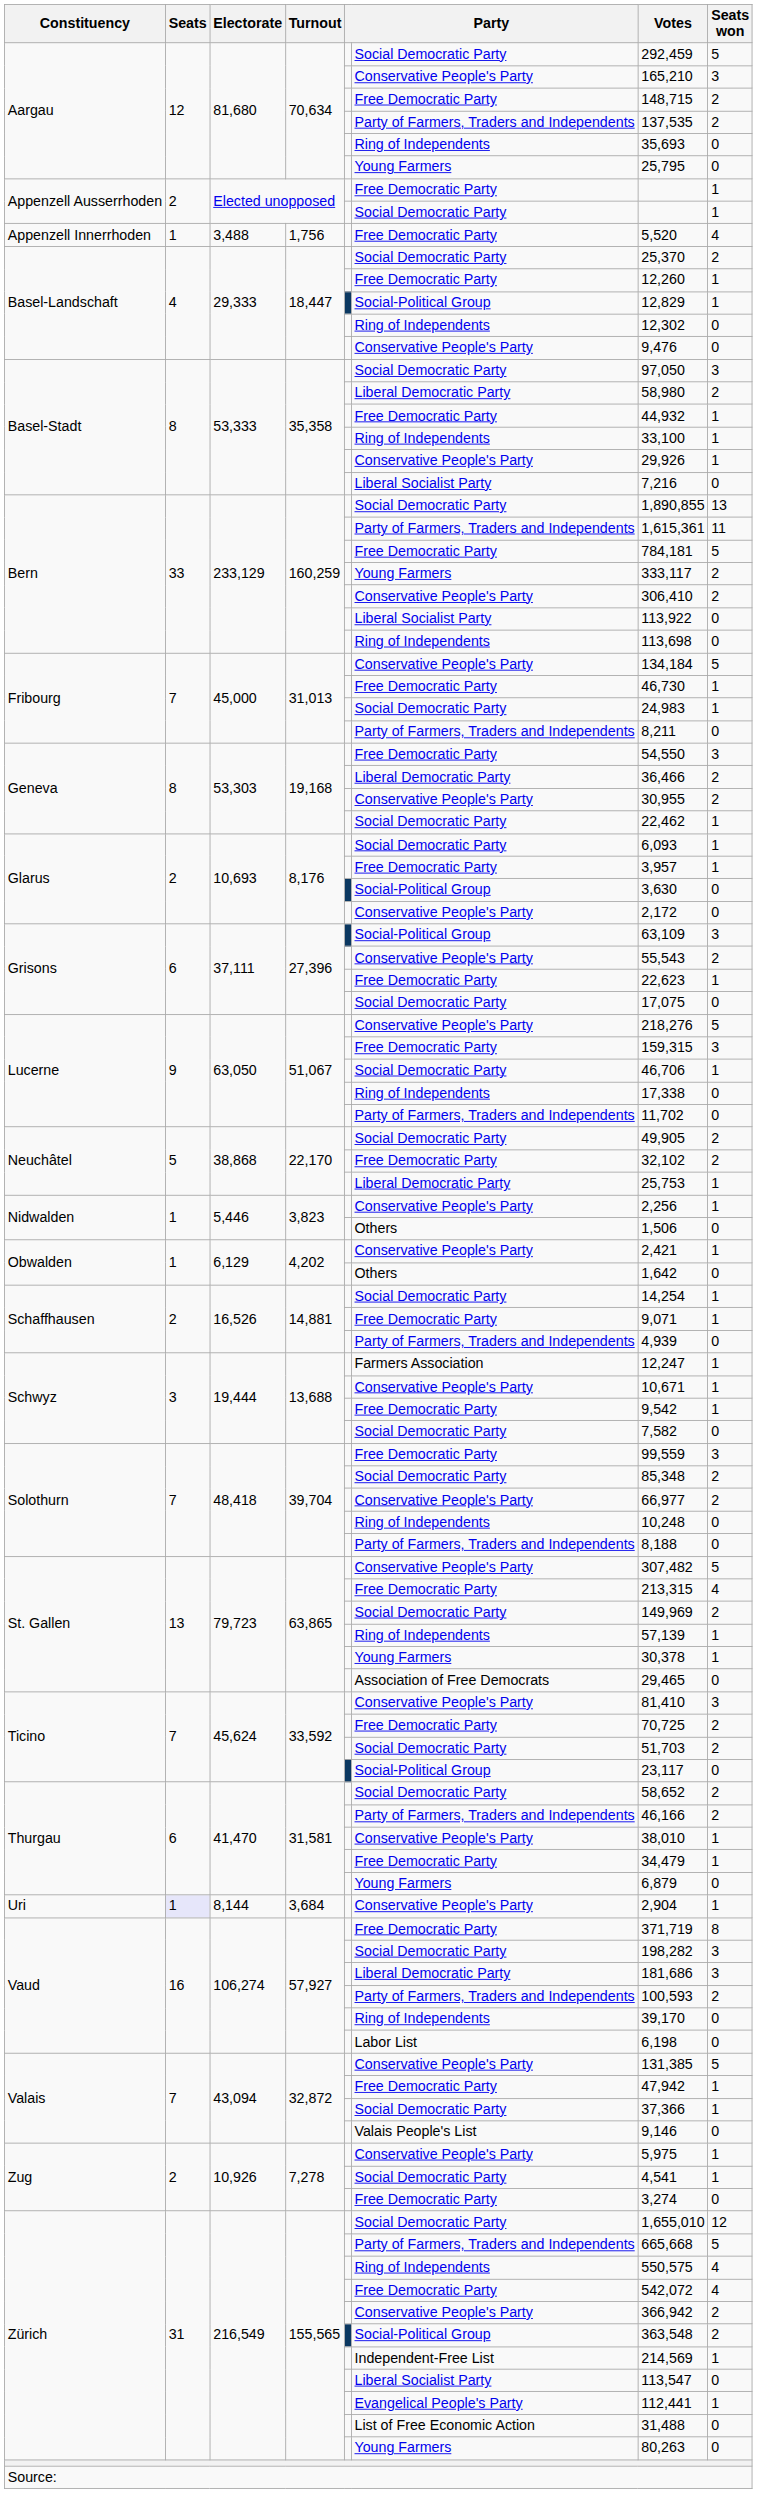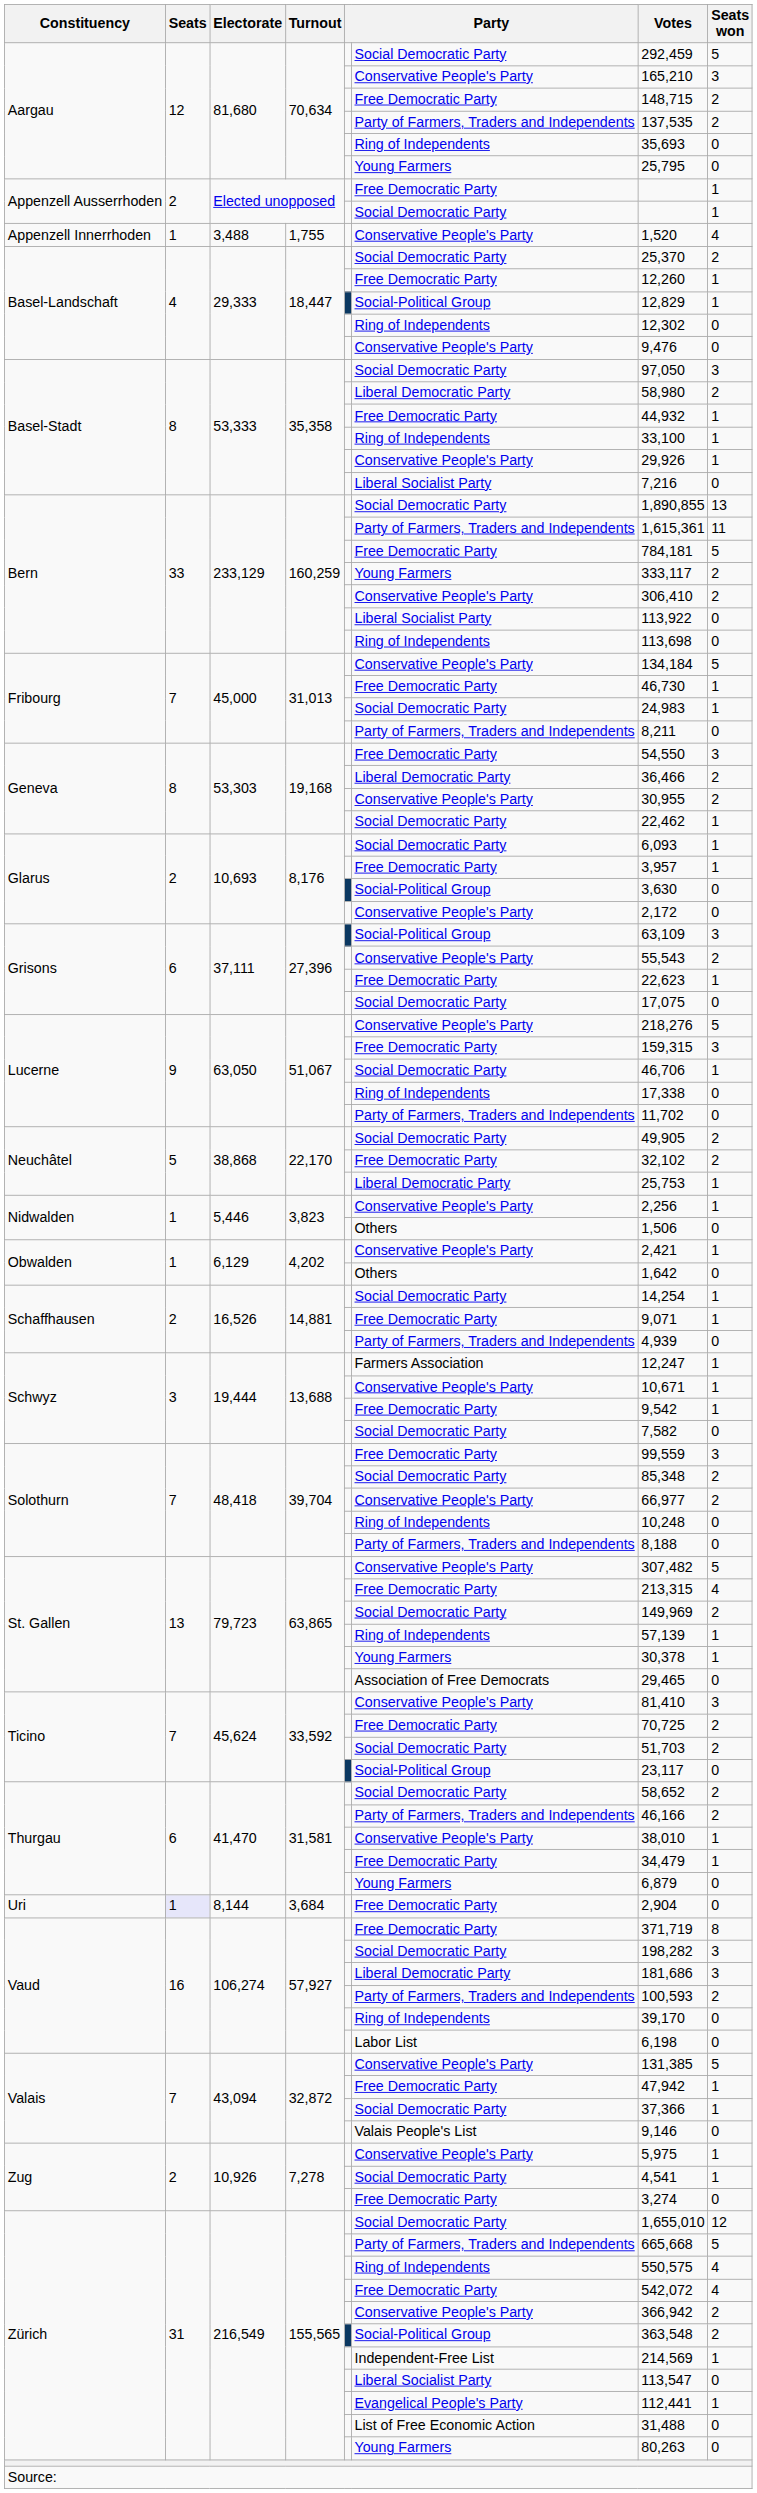 <table class="wikitable">
 <tr>
 <th>Constituency</th>
 <th>Seats</th>
 <th>Electorate</th>
 <th>Turnout</th>
 <th colspan="2">Party</th>
 <th>Votes</th>
 <th>Seats<br>won</th>
 </tr>
 <tr>
 <td rowspan="6">Aargau</td>
 <td rowspan="6">12</td>
 <td rowspan="6">81,680</td>
 <td rowspan="6">70,634</td>
 <td style="color:inherit;background:"></td>
 <td><a href='#'>Social Democratic Party</a></td>
 <td>292,459</td>
 <td>5</td>
 </tr>
 <tr>
 <td style="color:inherit;background:"></td>
 <td><a href='#'>Conservative People's Party</a></td>
 <td>165,210</td>
 <td>3</td>
 </tr>
 <tr>
 <td style="color:inherit;background:"></td>
 <td><a href='#'>Free Democratic Party</a></td>
 <td>148,715</td>
 <td>2</td>
 </tr>
 <tr>
 <td style="color:inherit;background:"></td>
 <td><a href='#'>Party of Farmers, Traders and Independents</a></td>
 <td>137,535</td>
 <td>2</td>
 </tr>
 <tr>
 <td style="color:inherit;background:"></td>
 <td><a href='#'>Ring of Independents</a></td>
 <td>35,693</td>
 <td>0</td>
 </tr>
 <tr>
 <td style="color:inherit;background:"></td>
 <td><a href='#'>Young Farmers</a></td>
 <td>25,795</td>
 <td>0</td>
 </tr>
 <tr>
 <td rowspan="2">Appenzell Ausserrhoden</td>
 <td rowspan="2">2</td>
 <td rowspan="2" colspan=2><a href='#'>Elected unopposed</a></td>
 <td style="color:inherit;background:"></td>
 <td><a href='#'>Free Democratic Party</a></td>
 <td></td>
 <td>1</td>
 </tr>
 <tr>
 <td style="color:inherit;background:"></td>
 <td><a href='#'>Social Democratic Party</a></td>
 <td></td>
 <td>1</td>
 </tr>
 <tr>
 <td>Appenzell Innerrhoden</td>
 <td>1</td>
 <td>3,488</td>
-<td>1,756</td>
+<td>1,755</td>
 <td style="color:inherit;background:"></td>
-<td><a href='#'>Free Democratic Party</a></td>
-<td>5,520</td>
+<td><a href='#'>Conservative People's Party</a></td>
+<td>1,520</td>
 <td>4</td>
 </tr>
 <tr>
 <td rowspan="5">Basel-Landschaft</td>
 <td rowspan="5">4</td>
 <td rowspan="5">29,333</td>
 <td rowspan="5">18,447</td>
 <td style="color:inherit;background:"></td>
 <td><a href='#'>Social Democratic Party</a></td>
 <td>25,370</td>
 <td>2</td>
 </tr>
 <tr>
 <td style="color:inherit;background:"></td>
 <td><a href='#'>Free Democratic Party</a></td>
 <td>12,260</td>
 <td>1</td>
 </tr>
 <tr>
 <td style="color:inherit;background:#0B3861"></td>
 <td><a href='#'>Social-Political Group</a></td>
 <td>12,829</td>
 <td>1</td>
 </tr>
 <tr>
 <td style="color:inherit;background:"></td>
 <td><a href='#'>Ring of Independents</a></td>
 <td>12,302</td>
 <td>0</td>
 </tr>
 <tr>
 <td style="color:inherit;background:"></td>
 <td><a href='#'>Conservative People's Party</a></td>
 <td>9,476</td>
 <td>0</td>
 </tr>
 <tr>
 <td rowspan="6">Basel-Stadt</td>
 <td rowspan="6">8</td>
 <td rowspan="6">53,333</td>
 <td rowspan="6">35,358</td>
 <td style="color:inherit;background:"></td>
 <td><a href='#'>Social Democratic Party</a></td>
 <td>97,050</td>
 <td>3</td>
 </tr>
 <tr>
 <td style="color:inherit;background:"></td>
 <td><a href='#'>Liberal Democratic Party</a></td>
 <td>58,980</td>
 <td>2</td>
 </tr>
 <tr>
 <td style="color:inherit;background:"></td>
 <td><a href='#'>Free Democratic Party</a></td>
 <td>44,932</td>
 <td>1</td>
 </tr>
 <tr>
 <td style="color:inherit;background:"></td>
 <td><a href='#'>Ring of Independents</a></td>
 <td>33,100</td>
 <td>1</td>
 </tr>
 <tr>
 <td style="color:inherit;background:"></td>
 <td><a href='#'>Conservative People's Party</a></td>
 <td>29,926</td>
 <td>1</td>
 </tr>
 <tr>
 <td style="color:inherit;background:"></td>
 <td><a href='#'>Liberal Socialist Party</a></td>
 <td>7,216</td>
 <td>0</td>
 </tr>
 <tr>
 <td rowspan="7">Bern</td>
 <td rowspan="7">33</td>
 <td rowspan="7">233,129</td>
 <td rowspan="7">160,259</td>
 <td style="color:inherit;background:"></td>
 <td><a href='#'>Social Democratic Party</a></td>
 <td>1,890,855</td>
 <td>13</td>
 </tr>
 <tr>
 <td style="color:inherit;background:"></td>
 <td><a href='#'>Party of Farmers, Traders and Independents</a></td>
 <td>1,615,361</td>
 <td>11</td>
 </tr>
 <tr>
 <td style="color:inherit;background:"></td>
 <td><a href='#'>Free Democratic Party</a></td>
 <td>784,181</td>
 <td>5</td>
 </tr>
 <tr>
 <td style="color:inherit;background:"></td>
 <td><a href='#'>Young Farmers</a></td>
 <td>333,117</td>
 <td>2</td>
 </tr>
 <tr>
 <td style="color:inherit;background:"></td>
 <td><a href='#'>Conservative People's Party</a></td>
 <td>306,410</td>
 <td>2</td>
 </tr>
 <tr>
 <td style="color:inherit;background:"></td>
 <td><a href='#'>Liberal Socialist Party</a></td>
 <td>113,922</td>
 <td>0</td>
 </tr>
 <tr>
 <td style="color:inherit;background:"></td>
 <td><a href='#'>Ring of Independents</a></td>
 <td>113,698</td>
 <td>0</td>
 </tr>
 <tr>
 <td rowspan="4">Fribourg</td>
 <td rowspan="4">7</td>
 <td rowspan="4">45,000</td>
 <td rowspan="4">31,013</td>
 <td style="color:inherit;background:"></td>
 <td><a href='#'>Conservative People's Party</a></td>
 <td>134,184</td>
 <td>5</td>
 </tr>
 <tr>
 <td style="color:inherit;background:"></td>
 <td><a href='#'>Free Democratic Party</a></td>
 <td>46,730</td>
 <td>1</td>
 </tr>
 <tr>
 <td style="color:inherit;background:"></td>
 <td><a href='#'>Social Democratic Party</a></td>
 <td>24,983</td>
 <td>1</td>
 </tr>
 <tr>
 <td style="color:inherit;background:"></td>
 <td><a href='#'>Party of Farmers, Traders and Independents</a></td>
 <td>8,211</td>
 <td>0</td>
 </tr>
 <tr>
 <td rowspan="4">Geneva</td>
 <td rowspan="4">8</td>
 <td rowspan="4">53,303</td>
 <td rowspan="4">19,168</td>
 <td style="color:inherit;background:"></td>
 <td><a href='#'>Free Democratic Party</a></td>
 <td>54,550</td>
 <td>3</td>
 </tr>
 <tr>
 <td style="color:inherit;background:"></td>
 <td><a href='#'>Liberal Democratic Party</a></td>
 <td>36,466</td>
 <td>2</td>
 </tr>
 <tr>
 <td style="color:inherit;background:"></td>
 <td><a href='#'>Conservative People's Party</a></td>
 <td>30,955</td>
 <td>2</td>
 </tr>
 <tr>
 <td style="color:inherit;background:"></td>
 <td><a href='#'>Social Democratic Party</a></td>
 <td>22,462</td>
 <td>1</td>
 </tr>
 <tr>
 <td rowspan="4">Glarus</td>
 <td rowspan="4">2</td>
 <td rowspan="4">10,693</td>
 <td rowspan="4">8,176</td>
 <td style="color:inherit;background:"></td>
 <td><a href='#'>Social Democratic Party</a></td>
 <td>6,093</td>
 <td>1</td>
 </tr>
 <tr>
 <td style="color:inherit;background:"></td>
 <td><a href='#'>Free Democratic Party</a></td>
 <td>3,957</td>
 <td>1</td>
 </tr>
 <tr>
 <td style="color:inherit;background:#0B3861"></td>
 <td><a href='#'>Social-Political Group</a></td>
 <td>3,630</td>
 <td>0</td>
 </tr>
 <tr>
 <td style="color:inherit;background:"></td>
 <td><a href='#'>Conservative People's Party</a></td>
 <td>2,172</td>
 <td>0</td>
 </tr>
 <tr>
 <td rowspan="4">Grisons</td>
 <td rowspan="4">6</td>
 <td rowspan="4">37,111</td>
 <td rowspan="4">27,396</td>
 <td style="color:inherit;background:#0B3861"></td>
 <td><a href='#'>Social-Political Group</a></td>
 <td>63,109</td>
 <td>3</td>
 </tr>
 <tr>
 <td style="color:inherit;background:"></td>
 <td><a href='#'>Conservative People's Party</a></td>
 <td>55,543</td>
 <td>2</td>
 </tr>
 <tr>
 <td style="color:inherit;background:"></td>
 <td><a href='#'>Free Democratic Party</a></td>
 <td>22,623</td>
 <td>1</td>
 </tr>
 <tr>
 <td style="color:inherit;background:"></td>
 <td><a href='#'>Social Democratic Party</a></td>
 <td>17,075</td>
 <td>0</td>
 </tr>
 <tr>
 <td rowspan="5">Lucerne</td>
 <td rowspan="5">9</td>
 <td rowspan="5">63,050</td>
 <td rowspan="5">51,067</td>
 <td style="color:inherit;background:"></td>
 <td><a href='#'>Conservative People's Party</a></td>
 <td>218,276</td>
 <td>5</td>
 </tr>
 <tr>
 <td style="color:inherit;background:"></td>
 <td><a href='#'>Free Democratic Party</a></td>
 <td>159,315</td>
 <td>3</td>
 </tr>
 <tr>
 <td style="color:inherit;background:"></td>
 <td><a href='#'>Social Democratic Party</a></td>
 <td>46,706</td>
 <td>1</td>
 </tr>
 <tr>
 <td style="color:inherit;background:"></td>
 <td><a href='#'>Ring of Independents</a></td>
 <td>17,338</td>
 <td>0</td>
 </tr>
 <tr>
 <td style="color:inherit;background:"></td>
 <td><a href='#'>Party of Farmers, Traders and Independents</a></td>
 <td>11,702</td>
 <td>0</td>
 </tr>
 <tr>
 <td rowspan="3">Neuchâtel</td>
 <td rowspan="3">5</td>
 <td rowspan="3">38,868</td>
 <td rowspan="3">22,170</td>
 <td style="color:inherit;background:"></td>
 <td><a href='#'>Social Democratic Party</a></td>
 <td>49,905</td>
 <td>2</td>
 </tr>
 <tr>
 <td style="color:inherit;background:"></td>
 <td><a href='#'>Free Democratic Party</a></td>
 <td>32,102</td>
 <td>2</td>
 </tr>
 <tr>
 <td style="color:inherit;background:"></td>
 <td><a href='#'>Liberal Democratic Party</a></td>
 <td>25,753</td>
 <td>1</td>
 </tr>
 <tr>
 <td rowspan="2">Nidwalden</td>
 <td rowspan="2">1</td>
 <td rowspan="2">5,446</td>
 <td rowspan="2">3,823</td>
 <td style="color:inherit;background:"></td>
 <td><a href='#'>Conservative People's Party</a></td>
 <td>2,256</td>
 <td>1</td>
 </tr>
 <tr>
 <td style="color:inherit;background:"></td>
 <td>Others</td>
 <td>1,506</td>
 <td>0</td>
 </tr>
 <tr>
 <td rowspan="2">Obwalden</td>
 <td rowspan="2">1</td>
 <td rowspan="2">6,129</td>
 <td rowspan="2">4,202</td>
 <td style="color:inherit;background:"></td>
 <td><a href='#'>Conservative People's Party</a></td>
 <td>2,421</td>
 <td>1</td>
 </tr>
 <tr>
 <td style="color:inherit;background:"></td>
 <td>Others</td>
 <td>1,642</td>
 <td>0</td>
 </tr>
 <tr>
 <td rowspan="3">Schaffhausen</td>
 <td rowspan="3">2</td>
 <td rowspan="3">16,526</td>
 <td rowspan="3">14,881</td>
 <td style="color:inherit;background:"></td>
 <td><a href='#'>Social Democratic Party</a></td>
 <td>14,254</td>
 <td>1</td>
 </tr>
 <tr>
 <td style="color:inherit;background:"></td>
 <td><a href='#'>Free Democratic Party</a></td>
 <td>9,071</td>
 <td>1</td>
 </tr>
 <tr>
 <td style="color:inherit;background:"></td>
 <td><a href='#'>Party of Farmers, Traders and Independents</a></td>
 <td>4,939</td>
 <td>0</td>
 </tr>
 <tr>
 <td rowspan="4">Schwyz</td>
 <td rowspan="4">3</td>
 <td rowspan="4">19,444</td>
 <td rowspan="4">13,688</td>
 <td style="color:inherit;background:"></td>
 <td>Farmers Association</td>
 <td>12,247</td>
 <td>1</td>
 </tr>
 <tr>
 <td style="color:inherit;background:"></td>
 <td><a href='#'>Conservative People's Party</a></td>
 <td>10,671</td>
 <td>1</td>
 </tr>
 <tr>
 <td style="color:inherit;background:"></td>
 <td><a href='#'>Free Democratic Party</a></td>
 <td>9,542</td>
 <td>1</td>
 </tr>
 <tr>
 <td style="color:inherit;background:"></td>
 <td><a href='#'>Social Democratic Party</a></td>
 <td>7,582</td>
 <td>0</td>
 </tr>
 <tr>
 <td rowspan="5">Solothurn</td>
 <td rowspan="5">7</td>
 <td rowspan="5">48,418</td>
 <td rowspan="5">39,704</td>
 <td style="color:inherit;background:"></td>
 <td><a href='#'>Free Democratic Party</a></td>
 <td>99,559</td>
 <td>3</td>
 </tr>
 <tr>
 <td style="color:inherit;background:"></td>
 <td><a href='#'>Social Democratic Party</a></td>
 <td>85,348</td>
 <td>2</td>
 </tr>
 <tr>
 <td style="color:inherit;background:"></td>
 <td><a href='#'>Conservative People's Party</a></td>
 <td>66,977</td>
 <td>2</td>
 </tr>
 <tr>
 <td style="color:inherit;background:"></td>
 <td><a href='#'>Ring of Independents</a></td>
 <td>10,248</td>
 <td>0</td>
 </tr>
 <tr>
 <td style="color:inherit;background:"></td>
 <td><a href='#'>Party of Farmers, Traders and Independents</a></td>
 <td>8,188</td>
 <td>0</td>
 </tr>
 <tr>
 <td rowspan="6">St. Gallen</td>
 <td rowspan="6">13</td>
 <td rowspan="6">79,723</td>
 <td rowspan="6">63,865</td>
 <td style="color:inherit;background:"></td>
 <td><a href='#'>Conservative People's Party</a></td>
 <td>307,482</td>
 <td>5</td>
 </tr>
 <tr>
 <td style="color:inherit;background:"></td>
 <td><a href='#'>Free Democratic Party</a></td>
 <td>213,315</td>
 <td>4</td>
 </tr>
 <tr>
 <td style="color:inherit;background:"></td>
 <td><a href='#'>Social Democratic Party</a></td>
 <td>149,969</td>
 <td>2</td>
 </tr>
 <tr>
 <td style="color:inherit;background:"></td>
 <td><a href='#'>Ring of Independents</a></td>
 <td>57,139</td>
 <td>1</td>
 </tr>
 <tr>
 <td style="color:inherit;background:"></td>
 <td><a href='#'>Young Farmers</a></td>
 <td>30,378</td>
 <td>1</td>
 </tr>
 <tr>
 <td style="color:inherit;background:"></td>
 <td>Association of Free Democrats</td>
 <td>29,465</td>
 <td>0</td>
 </tr>
 <tr>
 <td rowspan="4">Ticino</td>
 <td rowspan="4">7</td>
 <td rowspan="4">45,624</td>
 <td rowspan="4">33,592</td>
 <td style="color:inherit;background:"></td>
 <td><a href='#'>Conservative People's Party</a></td>
 <td>81,410</td>
 <td>3</td>
 </tr>
 <tr>
 <td style="color:inherit;background:"></td>
 <td><a href='#'>Free Democratic Party</a></td>
 <td>70,725</td>
 <td>2</td>
 </tr>
 <tr>
 <td style="color:inherit;background:"></td>
 <td><a href='#'>Social Democratic Party</a></td>
 <td>51,703</td>
 <td>2</td>
 </tr>
 <tr>
 <td style="color:inherit;background:#0B3861"></td>
 <td><a href='#'>Social-Political Group</a></td>
 <td>23,117</td>
 <td>0</td>
 </tr>
 <tr>
 <td rowspan="5">Thurgau</td>
 <td rowspan="5">6</td>
 <td rowspan="5">41,470</td>
 <td rowspan="5">31,581</td>
 <td style="color:inherit;background:"></td>
 <td><a href='#'>Social Democratic Party</a></td>
 <td>58,652</td>
 <td>2</td>
 </tr>
 <tr>
 <td style="color:inherit;background:"></td>
 <td><a href='#'>Party of Farmers, Traders and Independents</a></td>
 <td>46,166</td>
 <td>2</td>
 </tr>
 <tr>
 <td style="color:inherit;background:"></td>
 <td><a href='#'>Conservative People's Party</a></td>
 <td>38,010</td>
 <td>1</td>
 </tr>
 <tr>
 <td style="color:inherit;background:"></td>
 <td><a href='#'>Free Democratic Party</a></td>
 <td>34,479</td>
 <td>1</td>
 </tr>
 <tr>
 <td style="color:inherit;background:"></td>
 <td><a href='#'>Young Farmers</a></td>
 <td>6,879</td>
 <td>0</td>
 </tr>
 <tr>
 <td>Uri</td>
 <td style="background: lavender;">1</td>
 <td>8,144</td>
 <td>3,684</td>
 <td style="color:inherit;background:"></td>
-<td><a href='#'>Conservative People's Party</a></td>
+<td><a href='#'>Free Democratic Party</a></td>
 <td>2,904</td>
-<td>1</td>
+<td>0</td>
 </tr>
 <tr>
 <td rowspan="6">Vaud</td>
 <td rowspan="6">16</td>
 <td rowspan="6">106,274</td>
 <td rowspan="6">57,927</td>
 <td style="color:inherit;background:"></td>
 <td><a href='#'>Free Democratic Party</a></td>
 <td>371,719</td>
 <td>8</td>
 </tr>
 <tr>
 <td style="color:inherit;background:"></td>
 <td><a href='#'>Social Democratic Party</a></td>
 <td>198,282</td>
 <td>3</td>
 </tr>
 <tr>
 <td style="color:inherit;background:"></td>
 <td><a href='#'>Liberal Democratic Party</a></td>
 <td>181,686</td>
 <td>3</td>
 </tr>
 <tr>
 <td style="color:inherit;background:"></td>
 <td><a href='#'>Party of Farmers, Traders and Independents</a></td>
 <td>100,593</td>
 <td>2</td>
 </tr>
 <tr>
 <td style="color:inherit;background:"></td>
 <td><a href='#'>Ring of Independents</a></td>
 <td>39,170</td>
 <td>0</td>
 </tr>
 <tr>
 <td style="color:inherit;background:"></td>
 <td>Labor List</td>
 <td>6,198</td>
 <td>0</td>
 </tr>
 <tr>
 <td rowspan="4">Valais</td>
 <td rowspan="4">7</td>
 <td rowspan="4">43,094</td>
 <td rowspan="4">32,872</td>
 <td style="color:inherit;background:"></td>
 <td><a href='#'>Conservative People's Party</a></td>
 <td>131,385</td>
 <td>5</td>
 </tr>
 <tr>
 <td style="color:inherit;background:"></td>
 <td><a href='#'>Free Democratic Party</a></td>
 <td>47,942</td>
 <td>1</td>
 </tr>
 <tr>
 <td style="color:inherit;background:"></td>
 <td><a href='#'>Social Democratic Party</a></td>
 <td>37,366</td>
 <td>1</td>
 </tr>
 <tr>
 <td style="color:inherit;background:"></td>
 <td>Valais People's List</td>
 <td>9,146</td>
 <td>0</td>
 </tr>
 <tr>
 <td rowspan="3">Zug</td>
 <td rowspan="3">2</td>
 <td rowspan="3">10,926</td>
 <td rowspan="3">7,278</td>
 <td style="color:inherit;background:"></td>
 <td><a href='#'>Conservative People's Party</a></td>
 <td>5,975</td>
 <td>1</td>
 </tr>
 <tr>
 <td style="color:inherit;background:"></td>
 <td><a href='#'>Social Democratic Party</a></td>
 <td>4,541</td>
 <td>1</td>
 </tr>
 <tr>
 <td style="color:inherit;background:"></td>
 <td><a href='#'>Free Democratic Party</a></td>
 <td>3,274</td>
 <td>0</td>
 </tr>
 <tr>
 <td rowspan="11">Zürich</td>
 <td rowspan="11">31</td>
 <td rowspan="11">216,549</td>
 <td rowspan="11">155,565</td>
 <td style="color:inherit;background:"></td>
 <td><a href='#'>Social Democratic Party</a></td>
 <td>1,655,010</td>
 <td>12</td>
 </tr>
 <tr>
 <td style="color:inherit;background:"></td>
 <td><a href='#'>Party of Farmers, Traders and Independents</a></td>
 <td>665,668</td>
 <td>5</td>
 </tr>
 <tr>
 <td style="color:inherit;background:"></td>
 <td><a href='#'>Ring of Independents</a></td>
 <td>550,575</td>
 <td>4</td>
 </tr>
 <tr>
 <td style="color:inherit;background:"></td>
 <td><a href='#'>Free Democratic Party</a></td>
 <td>542,072</td>
 <td>4</td>
 </tr>
 <tr>
 <td style="color:inherit;background:"></td>
 <td><a href='#'>Conservative People's Party</a></td>
 <td>366,942</td>
 <td>2</td>
 </tr>
 <tr>
 <td style="color:inherit;background:#0B3861"></td>
 <td><a href='#'>Social-Political Group</a></td>
 <td>363,548</td>
 <td>2</td>
 </tr>
 <tr>
 <td style="color:inherit;background:"></td>
 <td>Independent-Free List</td>
 <td>214,569</td>
 <td>1</td>
 </tr>
 <tr>
 <td style="color:inherit;background:"></td>
 <td><a href='#'>Liberal Socialist Party</a></td>
 <td>113,547</td>
 <td>0</td>
 </tr>
 <tr>
 <td style="color:inherit;background:"></td>
 <td><a href='#'>Evangelical People's Party</a></td>
 <td>112,441</td>
 <td>1</td>
 </tr>
 <tr>
 <td style="color:inherit;background:"></td>
 <td>List of Free Economic Action</td>
 <td>31,488</td>
 <td>0</td>
 </tr>
 <tr>
 <td style="color:inherit;background:"></td>
 <td><a href='#'>Young Farmers</a></td>
 <td>80,263</td>
 <td>0</td>
 </tr>
 <tr>
 <th colspan="8"></th>
 </tr>
 <tr>
 <td colspan="8">Source: </td>
 </tr>
 </table>
